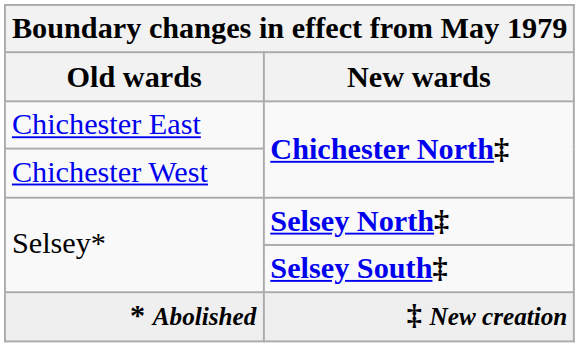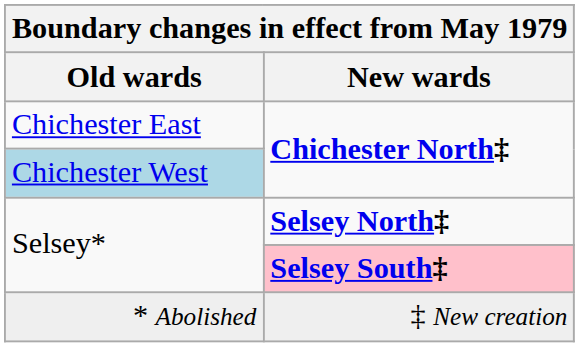 <table class="wikitable" width="auto">
 <tr>
 <th colspan="6">Boundary changes in effect from May 1979</th>
 </tr>
 <tr style="background:#efefef;">
 <th style="text-align:center;"><strong>Old wards</strong></th>
 <th style="text-align:center;"><strong>New wards</strong></th>
 </tr>
 <tr>
 <td><a href='#'>Chichester East</a></td>
 <td rowspan="2"><strong><a href='#'>Chichester North</a>‡</strong></td>
 </tr>
 <tr>
-<td><a href='#'>Chichester West</a></td>
+<td style="background: lightblue;"><a href='#'>Chichester West</a></td>
 </tr>
 <tr>
 <td rowspan="2">Selsey*</td>
 <td><strong><a href='#'>Selsey North</a>‡</strong></td>
 </tr>
 <tr>
-<td><strong><a href='#'>Selsey South</a>‡</strong></td>
+<td style="background: pink;"><strong><a href='#'>Selsey South</a>‡</strong></td>
 </tr>
 <tr style="background:#efefef;">
-<td style="text-align:right;"><strong>* <small><em>Abolished</em></small></strong></td>
-<td style="text-align:right;"><strong>‡ <small><em>New creation</em></small></strong></td>
+<td style="text-align:right;">* <small><em>Abolished</em></small></td>
+<td style="text-align:right;">‡ <small><em>New creation</em></small></td>
 </tr>
 </table>
